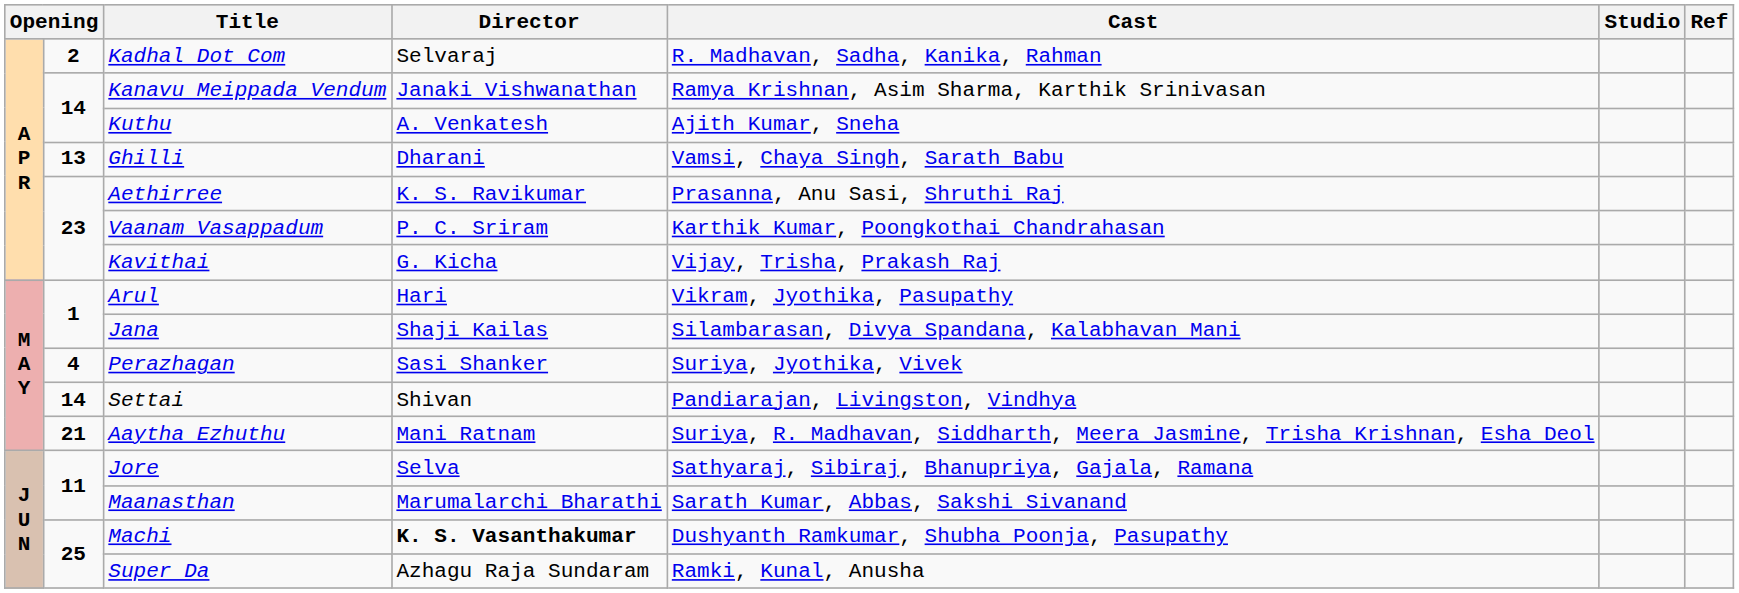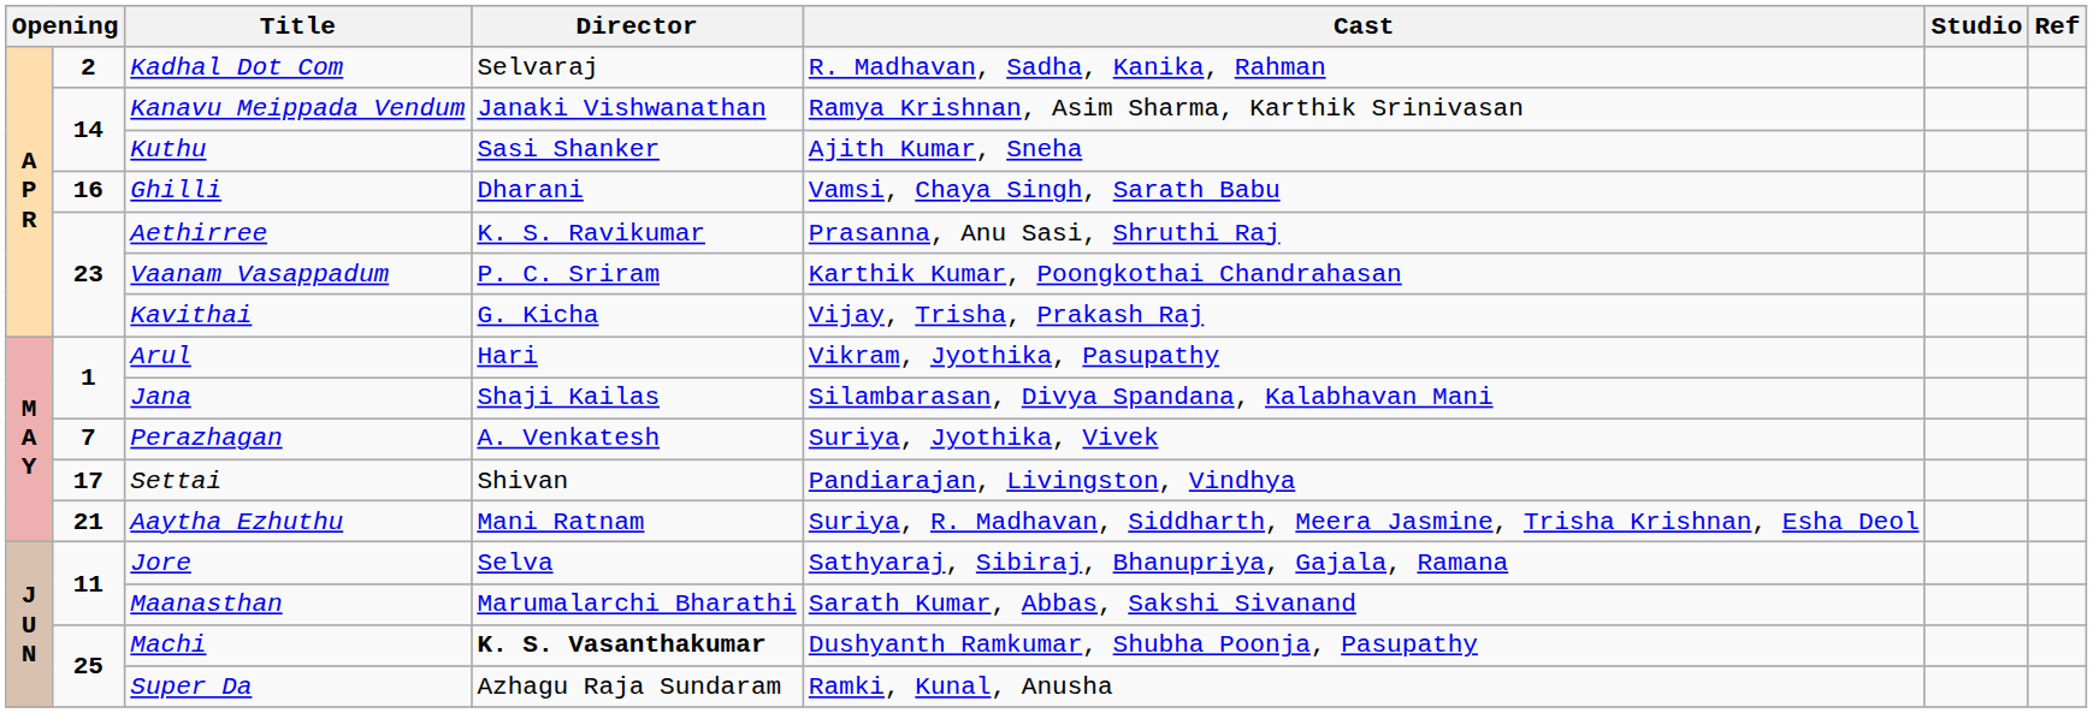 <table class="wikitable">
 <tr>
 <th colspan="2">Opening</th>
 <th>Title</th>
 <th>Director</th>
 <th>Cast</th>
 <th>Studio</th>
 <th>Ref</th>
 </tr>
 <tr April!>
 <td rowspan="7" valign="center" align="center" style="background:#FFDEAD; textcolor:#000;"><strong>A<br>P<br>R</strong></td>
 <td rowspan="1" align="center"><strong>2</strong></td>
 <td><em><a href='#'>Kadhal Dot Com</a></em></td>
 <td>Selvaraj</td>
 <td><a href='#'>R. Madhavan</a>, <a href='#'>Sadha</a>, <a href='#'>Kanika</a>, <a href='#'>Rahman</a></td>
 <td></td>
 <td></td>
 </tr>
 <tr>
 <td rowspan="2" align="center"><strong>14</strong></td>
 <td><em><a href='#'>Kanavu Meippada Vendum</a></em></td>
 <td><a href='#'>Janaki Vishwanathan</a></td>
 <td><a href='#'>Ramya Krishnan</a>, Asim Sharma, Karthik Srinivasan</td>
 <td></td>
 <td></td>
 </tr>
 <tr>
 <td><em><a href='#'>Kuthu</a></em></td>
-<td><a href='#'>A. Venkatesh</a></td>
+<td><a href='#'>Sasi Shanker</a></td>
 <td><a href='#'>Ajith Kumar</a>, <a href='#'>Sneha</a></td>
 <td></td>
 <td></td>
 </tr>
 <tr>
-<td rowspan="1" align="center"><strong>13</strong></td>
+<td rowspan="1" align="center"><strong>16</strong></td>
 <td><em><a href='#'>Ghilli</a></em></td>
 <td><a href='#'>Dharani</a></td>
 <td><a href='#'>Vamsi</a>, <a href='#'>Chaya Singh</a>, <a href='#'>Sarath Babu</a></td>
 <td></td>
 <td></td>
 </tr>
 <tr>
 <td rowspan="3" align="center"><strong>23</strong></td>
 <td><em><a href='#'>Aethirree</a></em></td>
 <td><a href='#'>K. S. Ravikumar</a></td>
 <td><a href='#'>Prasanna</a>, Anu Sasi, <a href='#'>Shruthi Raj</a></td>
 <td></td>
 <td></td>
 </tr>
 <tr>
 <td><em><a href='#'>Vaanam Vasappadum</a></em></td>
 <td><a href='#'>P. C. Sriram</a></td>
 <td><a href='#'>Karthik Kumar</a>, <a href='#'>Poongkothai Chandrahasan</a></td>
 <td></td>
 <td></td>
 </tr>
 <tr>
 <td><em><a href='#'>Kavithai</a></em></td>
 <td><a href='#'>G. Kicha</a></td>
 <td><a href='#'>Vijay</a>, <a href='#'>Trisha</a>, <a href='#'>Prakash Raj</a></td>
 <td></td>
 <td></td>
 </tr>
 <tr May!>
 <td rowspan="5" valign="center" align="center" style="background:#edafaf; textcolor:#000;"><strong>M<br>A<br>Y</strong></td>
 <td rowspan="2" align="center"><strong>1</strong></td>
 <td><em><a href='#'>Arul</a></em></td>
 <td><a href='#'>Hari</a></td>
 <td><a href='#'>Vikram</a>, <a href='#'>Jyothika</a>, <a href='#'>Pasupathy</a></td>
 <td></td>
 <td></td>
 </tr>
 <tr>
 <td><em><a href='#'>Jana</a></em></td>
 <td><a href='#'>Shaji Kailas</a></td>
 <td><a href='#'>Silambarasan</a>, <a href='#'>Divya Spandana</a>, <a href='#'>Kalabhavan Mani</a></td>
 <td></td>
 <td></td>
 </tr>
 <tr>
-<td rowspan="1" align="center"><strong>4</strong></td>
+<td rowspan="1" align="center"><strong>7</strong></td>
 <td><em><a href='#'>Perazhagan</a></em></td>
-<td><a href='#'>Sasi Shanker</a></td>
+<td><a href='#'>A. Venkatesh</a></td>
 <td><a href='#'>Suriya</a>, <a href='#'>Jyothika</a>, <a href='#'>Vivek</a></td>
 <td></td>
 <td></td>
 </tr>
 <tr>
-<td rowspan="1" align="center"><strong>14</strong></td>
+<td rowspan="1" align="center"><strong>17</strong></td>
 <td><em>Settai</em></td>
 <td>Shivan</td>
 <td><a href='#'>Pandiarajan</a>, <a href='#'>Livingston</a>, <a href='#'>Vindhya</a></td>
 <td></td>
 <td></td>
 </tr>
 <tr>
 <td rowspan="1" align="center"><strong>21</strong></td>
 <td><em><a href='#'>Aaytha Ezhuthu</a></em></td>
 <td><a href='#'>Mani Ratnam</a></td>
 <td><a href='#'>Suriya</a>, <a href='#'>R. Madhavan</a>, <a href='#'>Siddharth</a>, <a href='#'>Meera Jasmine</a>, <a href='#'>Trisha Krishnan</a>, <a href='#'>Esha Deol</a></td>
 <td></td>
 <td></td>
 </tr>
 <tr June!>
 <td rowspan="4" valign="center" align="center" style="background:#d9c1b0; textcolor:#000;"><strong>J<br>U<br>N</strong></td>
 <td rowspan="2" align="center"><strong>11</strong></td>
 <td><em><a href='#'>Jore</a></em></td>
 <td><a href='#'>Selva</a></td>
 <td><a href='#'>Sathyaraj</a>, <a href='#'>Sibiraj</a>, <a href='#'>Bhanupriya</a>, <a href='#'>Gajala</a>, <a href='#'>Ramana</a></td>
 <td></td>
 <td></td>
 </tr>
 <tr>
 <td><em><a href='#'>Maanasthan</a></em></td>
 <td><a href='#'>Marumalarchi Bharathi</a></td>
 <td><a href='#'>Sarath Kumar</a>, <a href='#'>Abbas</a>, <a href='#'>Sakshi Sivanand</a></td>
 <td></td>
 <td></td>
 </tr>
 <tr>
 <td rowspan="2" align="center"><strong>25</strong></td>
 <td><em><a href='#'>Machi</a></em></td>
 <td><strong>K. S. Vasanthakumar</strong></td>
 <td><a href='#'>Dushyanth Ramkumar</a>, <a href='#'>Shubha Poonja</a>, <a href='#'>Pasupathy</a></td>
 <td></td>
 <td></td>
 </tr>
 <tr>
 <td><em><a href='#'>Super Da</a></em></td>
 <td>Azhagu Raja Sundaram</td>
 <td><a href='#'>Ramki</a>, <a href='#'>Kunal</a>, Anusha</td>
 <td></td>
 <td></td>
 </tr>
 </table>
